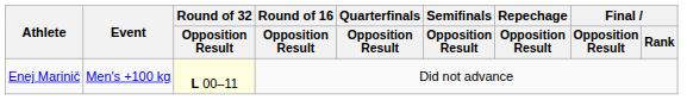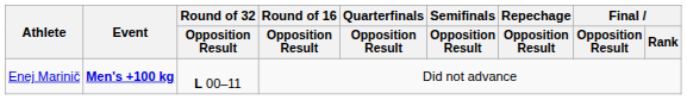 <table class="wikitable" style="font-size:90%">
 <tr>
 <th rowspan="2">Athlete</th>
 <th rowspan="2">Event</th>
 <th>Round of 32</th>
 <th>Round of 16</th>
 <th>Quarterfinals</th>
 <th>Semifinals</th>
 <th>Repechage</th>
 <th colspan=2>Final / </th>
 </tr>
 <tr style="font-size:95%">
 <th>Opposition<br>Result</th>
 <th>Opposition<br>Result</th>
 <th>Opposition<br>Result</th>
 <th>Opposition<br>Result</th>
 <th>Opposition<br>Result</th>
 <th>Opposition<br>Result</th>
 <th>Rank</th>
 </tr>
 <tr align=center>
 <td align=left><a href='#'>Enej Marinič</a></td>
-<td align=left><a href='#'>Men's +100 kg</a></td>
-<td style="background: lightyellow;"><br><strong>L</strong> 00–11</td>
+<td align=left><strong><a href='#'>Men's +100 kg</a></strong></td>
+<td><br><strong>L</strong> 00–11</td>
 <td colspan=6>Did not advance</td>
 </tr>
 </table>
